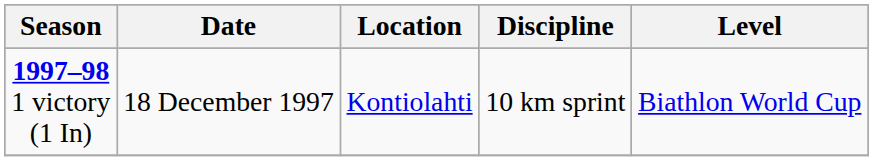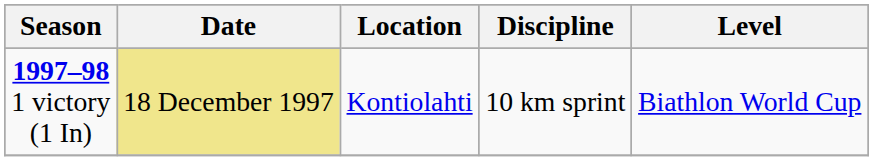 <table class="wikitable">
 <tr>
 <th>Season</th>
 <th>Date</th>
 <th>Location</th>
 <th>Discipline</th>
 <th>Level</th>
 </tr>
 <tr>
 <td rowspan="1" style="text-align:center;"><strong><a href='#'>1997–98</a></strong> <br> 1 victory <br> (1 In)</td>
-<td>18 December 1997</td>
+<td style="background: khaki;">18 December 1997</td>
 <td> <a href='#'>Kontiolahti</a></td>
 <td>10 km sprint</td>
 <td><a href='#'>Biathlon World Cup</a></td>
 </tr>
 <tr>
 </tr>
 </table>
